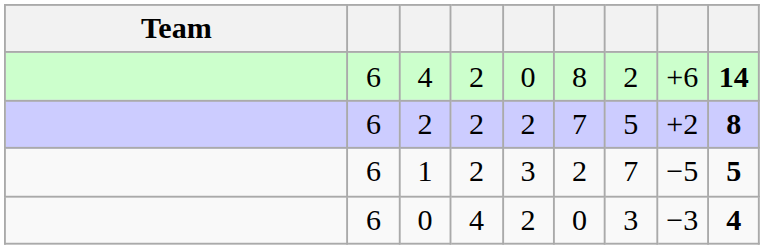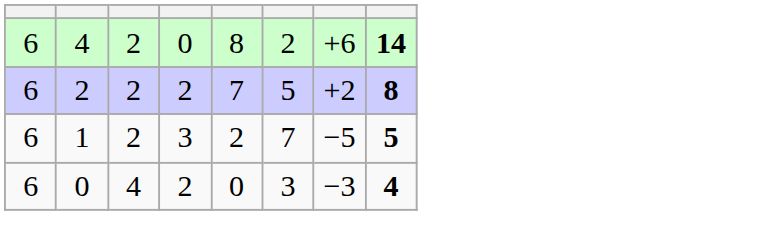 <table class="wikitable" style="text-align:center">
 <tr>
-<th width="175">Team</th>
 <th width="20"></th>
 <th width="20"></th>
 <th width="20"></th>
 <th width="20"></th>
 <th width="20"></th>
 <th width="20"></th>
 <th width="20"></th>
 <th width="20"></th>
 </tr>
 <tr bgcolor=#ccffcc>
-<td align=left></td>
 <td>6</td>
 <td>4</td>
 <td>2</td>
 <td>0</td>
 <td>8</td>
 <td>2</td>
 <td>+6</td>
 <td><strong>14</strong></td>
 </tr>
 <tr bgcolor=#ccccff>
-<td align=left></td>
 <td>6</td>
 <td>2</td>
 <td>2</td>
 <td>2</td>
 <td>7</td>
 <td>5</td>
 <td>+2</td>
 <td><strong>8</strong></td>
 </tr>
 <tr>
-<td align=left></td>
 <td>6</td>
 <td>1</td>
 <td>2</td>
 <td>3</td>
 <td>2</td>
 <td>7</td>
 <td>−5</td>
 <td><strong>5</strong></td>
 </tr>
 <tr>
-<td align=left></td>
 <td>6</td>
 <td>0</td>
 <td>4</td>
 <td>2</td>
 <td>0</td>
 <td>3</td>
 <td>−3</td>
 <td><strong>4</strong></td>
 </tr>
 </table>
